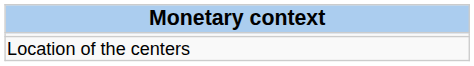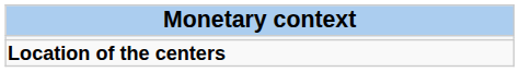 <table width=350px style= "float:right; clear: right; border: 1px #cccccc solid; border-collapse: collapse; background: #f9f9f9; margin-left:10px;">
 <tr>
 <td style= "background: #ABCDEF; text-align:center; font-weight: bold; border: 1px #cccccc solid; ">Monetary context</td>
 </tr>
 <tr>
 <td></td>
 </tr>
 <tr>
-<td style= "font-size: 85%; border: 1px #cccccc solid; ">Location of the centers</td>
+<td style= "font-size: 85%; border: 1px #cccccc solid; "><strong>Location of the centers</strong></td>
 </tr>
 </table>
